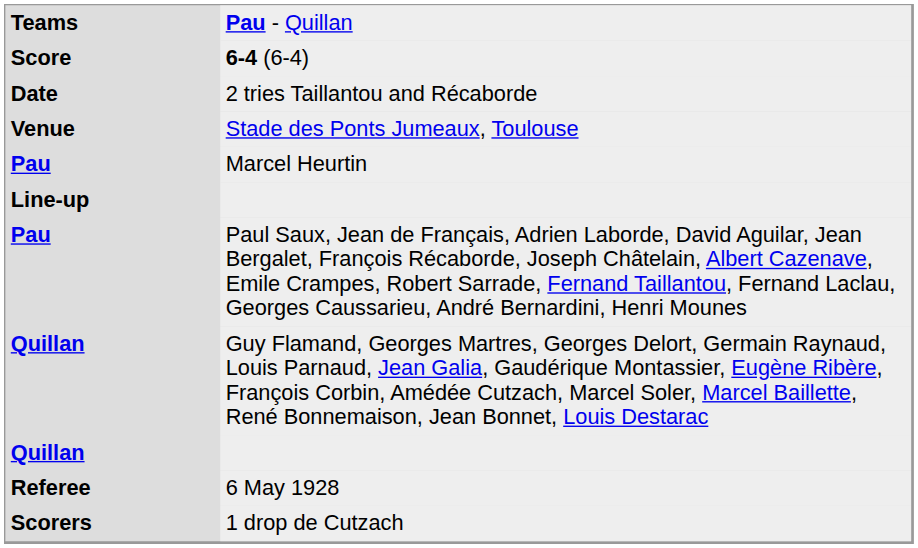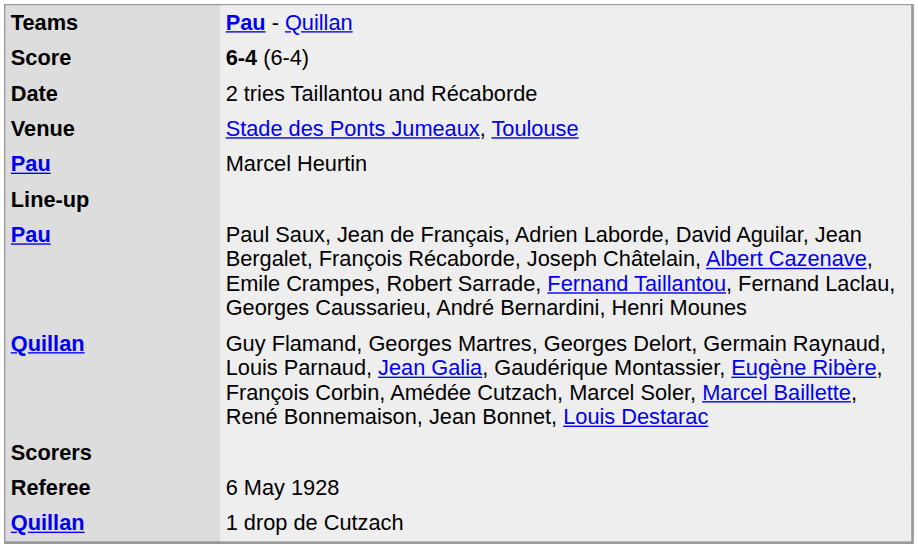 <table align="left" cellpadding="4" cellspacing="0"  style="margin: 0 0 0 0; border: 1px solid #999; border-right-width: 2px; border-bottom-width: 2px; background-color: #DDDDDD">
 <tr>
 <td width="150" valign="top"><strong>Teams</strong></td>
 <td width="500" bgcolor=#EEEEEE><strong><a href='#'>Pau</a></strong> - <a href='#'>Quillan</a></td>
 </tr>
 <tr>
 <td valign="top"><strong>Score</strong></td>
 <td bgcolor=#EEEEEE><strong>6-4</strong> (6-4)</td>
 </tr>
 <tr>
 <td valign="top"><strong>Date</strong></td>
 <td bgcolor=#EEEEEE>2 tries Taillantou and Récaborde</td>
 </tr>
 <tr>
 <td valign="top"><strong>Venue</strong></td>
 <td bgcolor=#EEEEEE><a href='#'>Stade des Ponts Jumeaux</a>, <a href='#'>Toulouse</a></td>
 </tr>
 <tr>
 <td valign="top"><strong><a href='#'>Pau</a>  </strong></td>
 <td bgcolor=#EEEEEE>Marcel Heurtin</td>
 </tr>
 <tr>
 <td valign="top"><strong>Line-up</strong></td>
 <td bgcolor=#EEEEEE></td>
 </tr>
 <tr>
 <td valign="top"><strong> <a href='#'>Pau</a> </strong></td>
 <td bgcolor=#EEEEEE>Paul Saux, Jean de Français, Adrien Laborde, David Aguilar, Jean Bergalet, François Récaborde, Joseph Châtelain, <a href='#'>Albert Cazenave</a>, Emile Crampes, Robert Sarrade, <a href='#'>Fernand Taillantou</a>, Fernand Laclau, Georges Caussarieu, André Bernardini, Henri Mounes</td>
 </tr>
 <tr>
 <td valign="top"><strong><a href='#'>Quillan</a> </strong></td>
 <td bgcolor=#EEEEEE>Guy Flamand, Georges Martres, Georges Delort, Germain Raynaud, Louis Parnaud, <a href='#'>Jean Galia</a>, Gaudérique Montassier, <a href='#'>Eugène Ribère</a>, François Corbin, Amédée Cutzach, Marcel Soler, <a href='#'>Marcel Baillette</a>, René Bonnemaison, Jean Bonnet, <a href='#'>Louis Destarac</a></td>
 </tr>
 <tr>
-<td valign="top"><strong> <a href='#'>Quillan</a></strong></td>
+<td valign="top"><strong>Scorers</strong></td>
 <td bgcolor=#EEEEEE></td>
 </tr>
 <tr>
 <td valign="top"><strong>Referee</strong></td>
 <td bgcolor=#EEEEEE>6 May 1928</td>
 </tr>
 <tr>
-<td valign="top"><strong>Scorers</strong></td>
+<td valign="top"><strong> <a href='#'>Quillan</a></strong></td>
 <td bgcolor=#EEEEEE>1 drop de Cutzach</td>
 </tr>
 </table>
